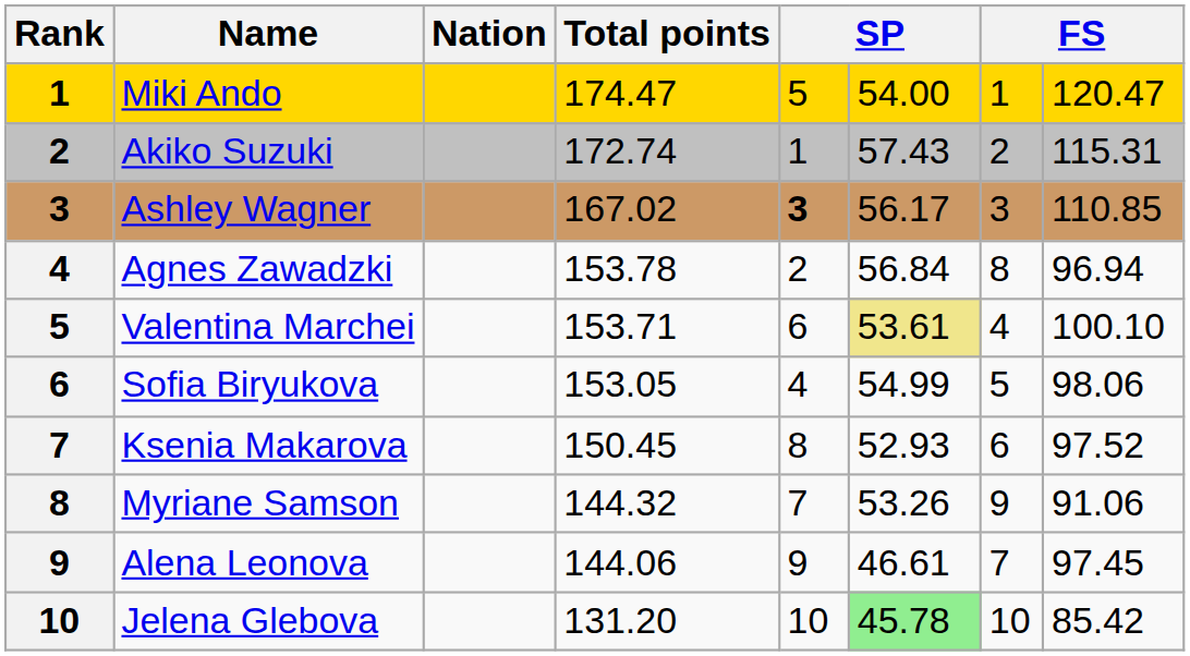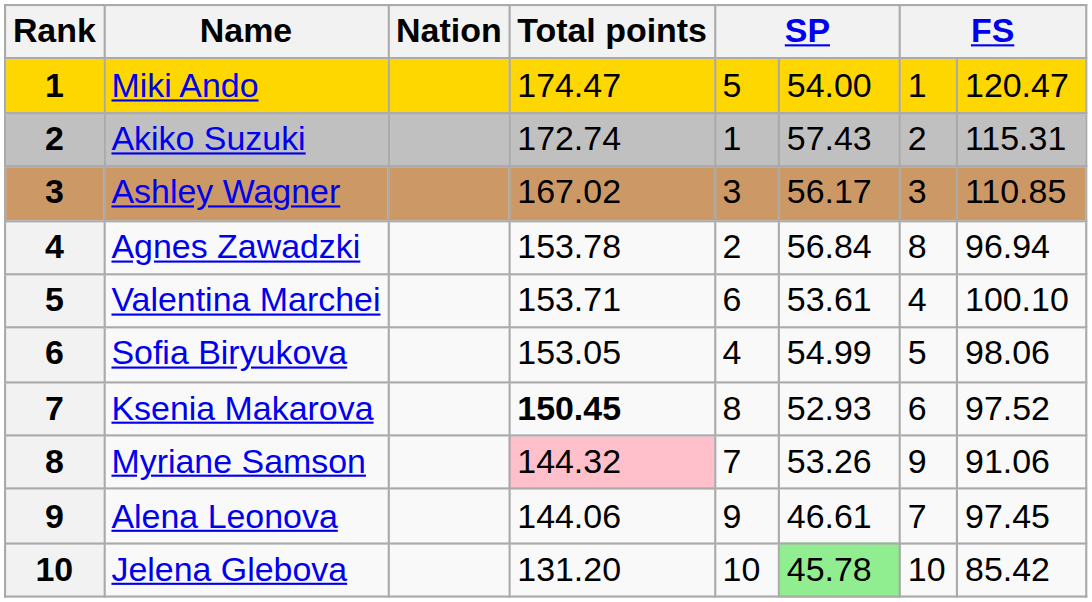 <table class="wikitable sortable">
 <tr>
 <th>Rank</th>
 <th>Name</th>
 <th>Nation</th>
 <th>Total points</th>
 <th colspan="2" width="80px"><a href='#'>SP</a></th>
 <th colspan="2" width="80px"><a href='#'>FS</a></th>
 </tr>
 <tr bgcolor="gold">
 <td align="center"><strong>1</strong></td>
 <td><a href='#'>Miki Ando</a></td>
 <td></td>
 <td>174.47</td>
 <td>5</td>
 <td>54.00</td>
 <td>1</td>
 <td>120.47</td>
 </tr>
 <tr bgcolor="silver">
 <td align="center"><strong>2</strong></td>
 <td><a href='#'>Akiko Suzuki</a></td>
 <td></td>
 <td>172.74</td>
 <td>1</td>
 <td>57.43</td>
 <td>2</td>
 <td>115.31</td>
 </tr>
 <tr bgcolor="cc9966">
 <td align="center"><strong>3</strong></td>
 <td><a href='#'>Ashley Wagner</a></td>
 <td></td>
 <td>167.02</td>
-<td><strong>3</strong></td>
+<td>3</td>
 <td>56.17</td>
 <td>3</td>
 <td>110.85</td>
 </tr>
 <tr>
 <th>4</th>
 <td><a href='#'>Agnes Zawadzki</a></td>
 <td></td>
 <td>153.78</td>
 <td>2</td>
 <td>56.84</td>
 <td>8</td>
 <td>96.94</td>
 </tr>
 <tr>
 <th>5</th>
 <td><a href='#'>Valentina Marchei</a></td>
 <td></td>
 <td>153.71</td>
 <td>6</td>
-<td style="background: khaki;">53.61</td>
+<td>53.61</td>
 <td>4</td>
 <td>100.10</td>
 </tr>
 <tr>
 <th>6</th>
 <td><a href='#'>Sofia Biryukova</a></td>
 <td></td>
 <td>153.05</td>
 <td>4</td>
 <td>54.99</td>
 <td>5</td>
 <td>98.06</td>
 </tr>
 <tr>
 <th>7</th>
 <td><a href='#'>Ksenia Makarova</a></td>
 <td></td>
-<td>150.45</td>
+<td><strong>150.45</strong></td>
 <td>8</td>
 <td>52.93</td>
 <td>6</td>
 <td>97.52</td>
 </tr>
 <tr>
 <th>8</th>
 <td><a href='#'>Myriane Samson</a></td>
 <td></td>
-<td>144.32</td>
+<td style="background: pink;">144.32</td>
 <td>7</td>
 <td>53.26</td>
 <td>9</td>
 <td>91.06</td>
 </tr>
 <tr>
 <th>9</th>
 <td><a href='#'>Alena Leonova</a></td>
 <td></td>
 <td>144.06</td>
 <td>9</td>
 <td>46.61</td>
 <td>7</td>
 <td>97.45</td>
 </tr>
 <tr>
 <th>10</th>
 <td><a href='#'>Jelena Glebova</a></td>
 <td></td>
 <td>131.20</td>
 <td>10</td>
 <td style="background: lightgreen;">45.78</td>
 <td>10</td>
 <td>85.42</td>
 </tr>
 </table>
